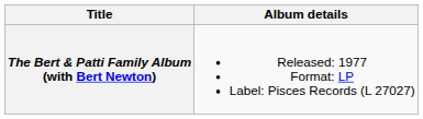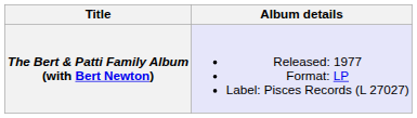 <table class="wikitable plainrowheaders" style="text-align:center;" border="1">
 <tr>
 <th>Title</th>
 <th>Album details</th>
 </tr>
 <tr>
 <th scope="row"><em>The Bert & Patti Family Album</em> <br> (with <a href='#'>Bert Newton</a>)</th>
-<td><br><ul><li>Released: 1977</li><li>Format: <a href='#'>LP</a></li><li>Label: Pisces Records (L 27027)</li></ul></td>
+<td style="background: lavender;"><br><ul><li>Released: 1977</li><li>Format: <a href='#'>LP</a></li><li>Label: Pisces Records (L 27027)</li></ul></td>
 </tr>
 </table>
